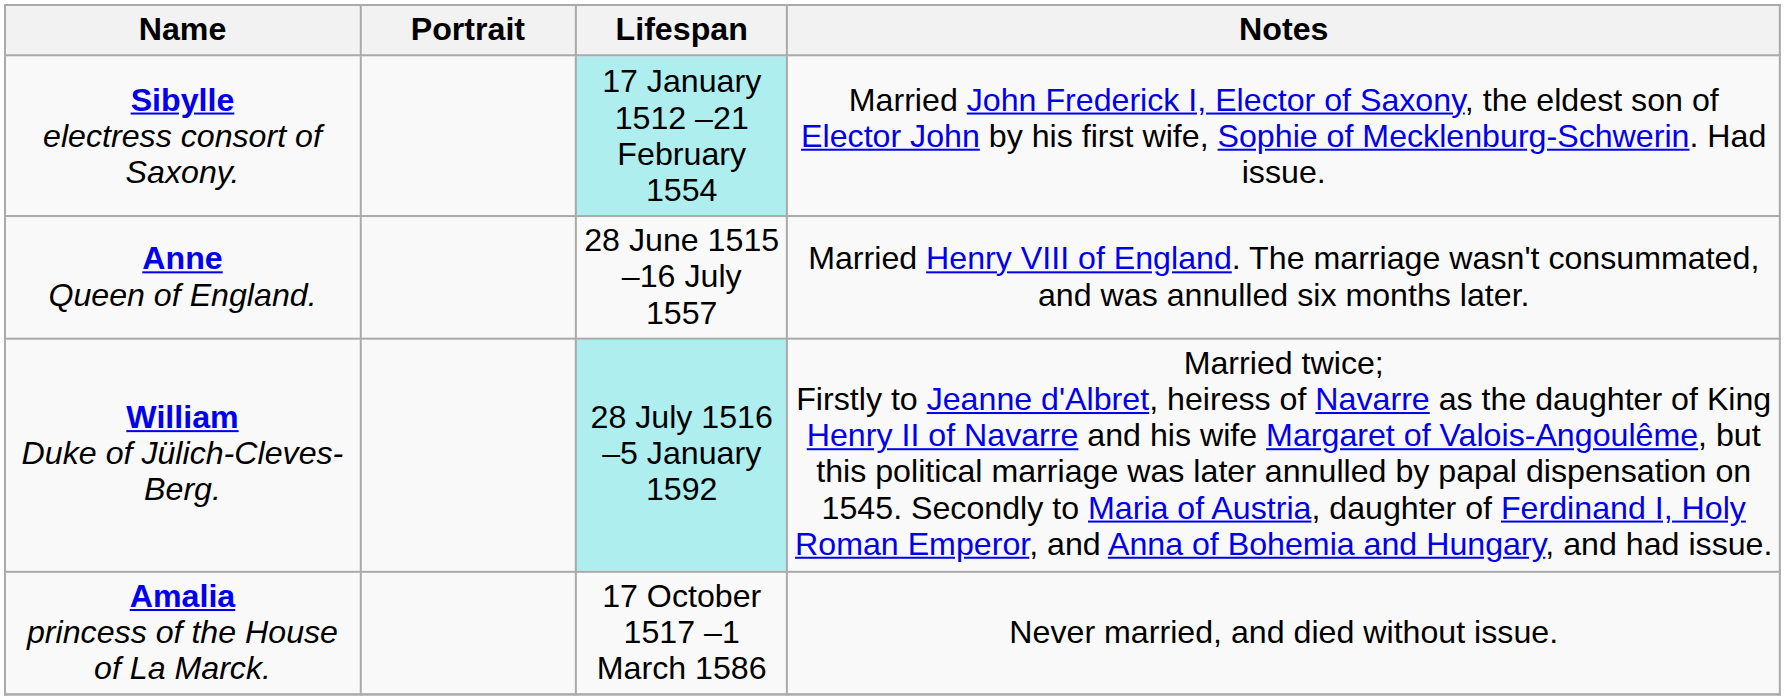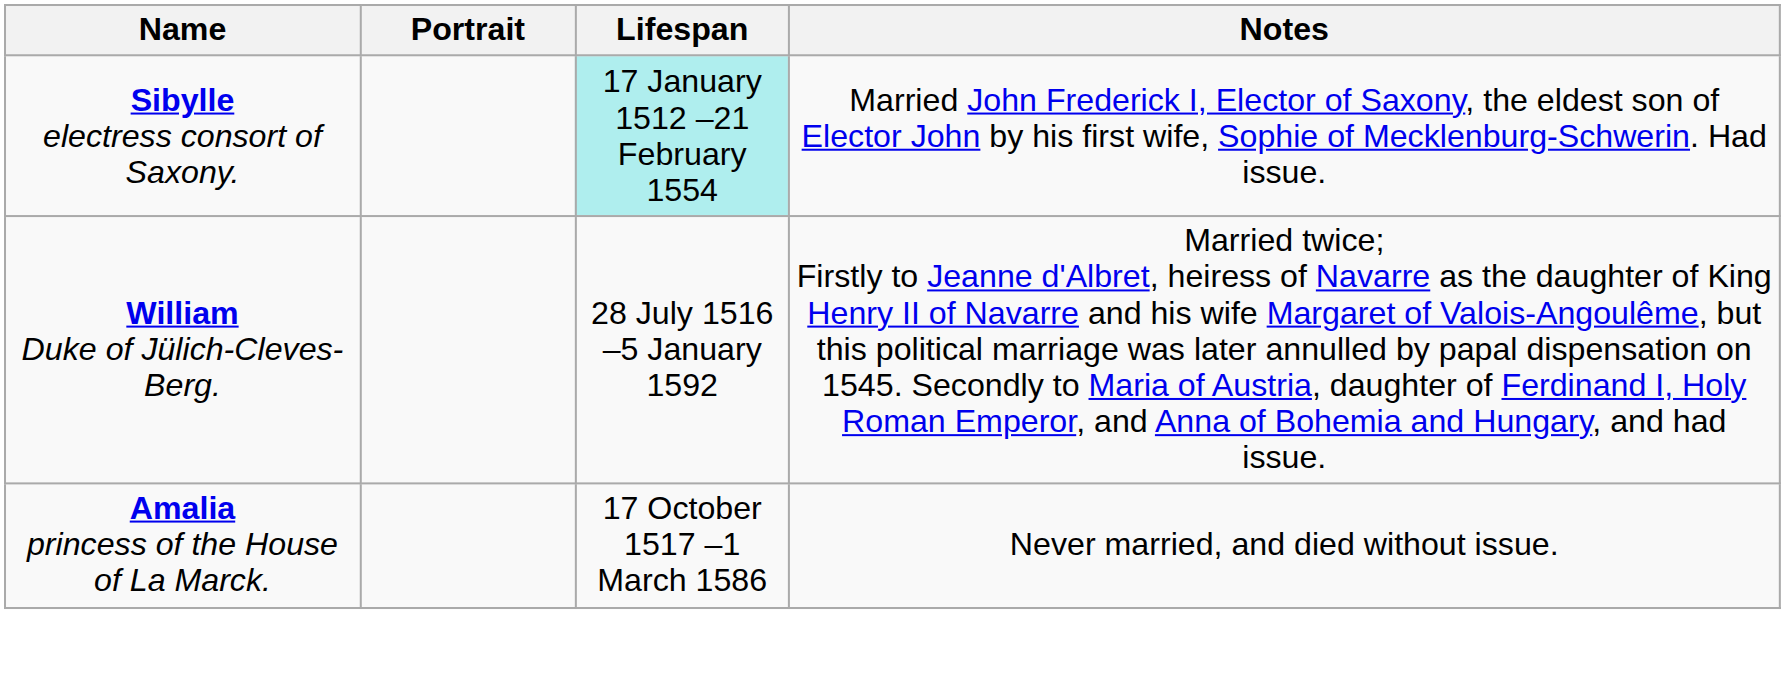 <table style="text-align:center; width:100%" class="wikitable">
 <tr>
 <th width=20%>Name</th>
 <th width=100px>Portrait</th>
 <th>Lifespan</th>
 <th>Notes</th>
 </tr>
 <tr>
 <td><strong><a href='#'>Sibylle</a></strong><br> <em> electress consort of Saxony.</em></td>
 <td></td>
 <td style="background: paleturquoise;">17 January 1512 –21 February 1554</td>
 <td>Married <a href='#'>John Frederick I, Elector of Saxony</a>, the eldest son of <a href='#'>Elector John</a> by his first wife, <a href='#'>Sophie of Mecklenburg-Schwerin</a>. Had issue.</td>
 </tr>
 <tr>
-<td><strong><a href='#'>Anne</a></strong><br> <em> Queen of England.</em></td>
-<td></td>
-<td>28 June 1515 –16 July 1557</td>
-<td>Married <a href='#'>Henry VIII of England</a>. The marriage wasn't consummated, and was annulled six months later.</td>
-</tr>
-<tr>
 <td><strong><a href='#'>William</a></strong><br> <em> Duke of Jülich-Cleves-Berg.</em></td>
 <td></td>
-<td style="background: paleturquoise;">28 July 1516 –5 January 1592</td>
+<td>28 July 1516 –5 January 1592</td>
 <td>Married twice;<br>Firstly to <a href='#'>Jeanne d'Albret</a>, heiress of <a href='#'>Navarre</a> as the daughter of King <a href='#'>Henry II of Navarre</a> and his wife <a href='#'>Margaret of Valois-Angoulême</a>, but this political marriage was later annulled by papal dispensation on 1545. Secondly to  <a href='#'>Maria of Austria</a>, daughter of <a href='#'>Ferdinand I, Holy Roman Emperor</a>, and <a href='#'>Anna of Bohemia and Hungary</a>, and had issue.</td>
 </tr>
 <tr>
 <td><strong><a href='#'>Amalia</a></strong><br> <em>  princess of the House of La Marck.</em></td>
 <td></td>
 <td>17 October 1517 –1 March 1586</td>
 <td>Never married, and died without issue.</td>
 </tr>
 <tr>
 </tr>
 </table>
